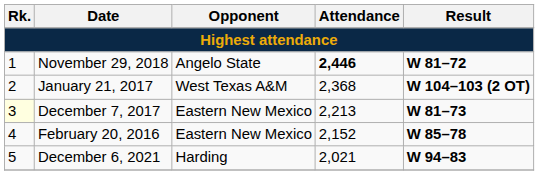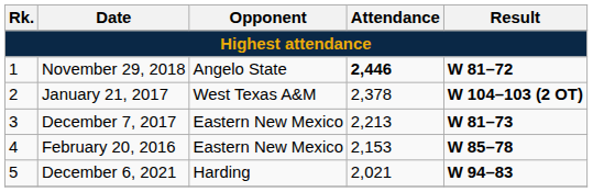 <table class="wikitable">
 <tr>
 <th>Rk.</th>
 <th>Date</th>
 <th>Opponent</th>
 <th>Attendance</th>
 <th>Result</th>
 </tr>
 <tr>
 </tr>
 <tr>
 <td align="center" Colspan="5" style="background:#0A2846; color:#EDAC09;"><span><strong>Highest attendance</strong></span></td>
 </tr>
 <tr>
 <td>1</td>
 <td>November 29, 2018</td>
 <td>Angelo State</td>
 <td><strong>2,446</strong></td>
 <td><strong>W 81–72</strong></td>
 </tr>
 <tr>
 <td>2</td>
 <td>January 21, 2017</td>
 <td>West Texas A&M</td>
-<td>2,368</td>
+<td>2,378</td>
 <td><strong>W 104–103 (2 OT)</strong></td>
 </tr>
 <tr>
-<td style="background: lightyellow;">3</td>
+<td>3</td>
 <td>December 7, 2017</td>
 <td>Eastern New Mexico</td>
 <td>2,213</td>
 <td><strong>W 81–73</strong></td>
 </tr>
 <tr>
 <td>4</td>
 <td>February 20, 2016</td>
 <td>Eastern New Mexico</td>
-<td>2,152</td>
+<td>2,153</td>
 <td><strong>W 85–78</strong></td>
 </tr>
 <tr>
 <td>5</td>
 <td>December 6, 2021</td>
 <td>Harding</td>
 <td>2,021</td>
 <td><strong>W 94–83</strong></td>
 </tr>
 <tr>
 </tr>
 </table>
